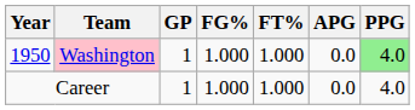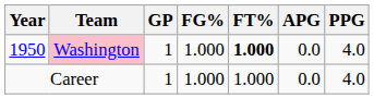 <table class="wikitable sortable" style="font-size:95%; text-align:right;">
 <tr>
 <th>Year</th>
 <th>Team</th>
 <th>GP</th>
 <th>FG%</th>
 <th>FT%</th>
 <th>APG</th>
 <th>PPG</th>
 </tr>
 <tr>
 <td style="text-align:left;"><a href='#'>1950</a></td>
 <td style="background: pink; text-align:left;"><a href='#'>Washington</a></td>
 <td>1</td>
 <td>1.000</td>
-<td>1.000</td>
+<td><strong>1.000</strong></td>
 <td>0.0</td>
-<td style="background: lightgreen;">4.0</td>
+<td>4.0</td>
 </tr>
 <tr>
 <td colspan="2" style="text-align:center;">Career</td>
 <td>1</td>
 <td>1.000</td>
 <td>1.000</td>
 <td>0.0</td>
 <td>4.0</td>
 </tr>
 </table>
